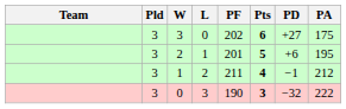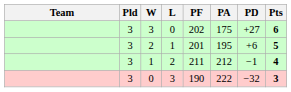 <table class="wikitable" style="text-align:center;">
 <tr>
 <th width=170>Team</th>
 <th width=25>Pld</th>
 <th width=25>W</th>
 <th width=25>L</th>
 <th width=35>PF</th>
+<th width=35>PA</th>
+<th width=35>PD</th>
 <th width=25>Pts</th>
-<th width=35>PD</th>
-<th width=35>PA</th>
 </tr>
 <tr style="background: #ccffcc;">
 <td align="left"></td>
 <td>3</td>
 <td>3</td>
 <td>0</td>
 <td>202</td>
+<td>175</td>
+<td>+27</td>
 <td><strong>6</strong></td>
-<td>+27</td>
-<td>175</td>
 </tr>
 <tr style="background: #ccffcc;">
 <td align="left"></td>
 <td>3</td>
 <td>2</td>
 <td>1</td>
 <td>201</td>
+<td>195</td>
+<td>+6</td>
 <td><strong>5</strong></td>
-<td>+6</td>
-<td>195</td>
 </tr>
 <tr style="background: #ccffcc;">
 <td align="left"></td>
 <td>3</td>
 <td>1</td>
 <td>2</td>
 <td>211</td>
+<td>212</td>
+<td>−1</td>
 <td><strong>4</strong></td>
-<td>−1</td>
-<td>212</td>
 </tr>
 <tr style="background: #ffcccc;">
 <td align="left"></td>
 <td>3</td>
 <td>0</td>
 <td>3</td>
 <td>190</td>
+<td>222</td>
+<td>−32</td>
 <td><strong>3</strong></td>
-<td>−32</td>
-<td>222</td>
 </tr>
 </table>
